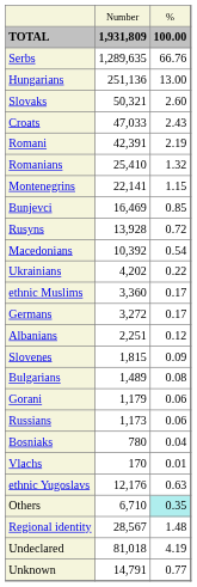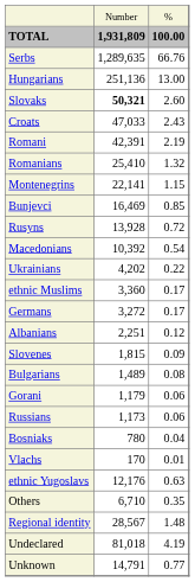 <table border=1 cellpadding=4 cellspacing=0 class="toccolours" style="align: left; margin: 0.5em 0 0 0; border-style: solid; border: 1px solid #7f7f7f; border-right-width: 2px; border-bottom-width: 2px; border-collapse: collapse; font-size: 95%;">
 <tr>
 <td style="background:#F5F5DC;"></td>
 <td style="background:#F5F5DC;" align="center"><small>Number</small></td>
 <td style="background:#F5F5DC;" align="center"><small>%</small></td>
 </tr>
 <tr>
 <td style="background:#c1c1c1;"><strong>TOTAL</strong></td>
 <td style="background:#c1c1c1;"><strong>1,931,809</strong></td>
 <td style="background:#c1c1c1;"><strong>100.00</strong></td>
 </tr>
 <tr>
 <td style="background:#F5F5DC;"><a href='#'>Serbs</a></td>
 <td align="right">1,289,635</td>
 <td align="right">66.76</td>
 </tr>
 <tr>
 <td style="background:#F5F5DC;"><a href='#'>Hungarians</a></td>
 <td align="right">251,136</td>
 <td align="right">13.00</td>
 </tr>
 <tr>
 <td style="background:#F5F5DC;"><a href='#'>Slovaks</a></td>
-<td align="right">50,321</td>
+<td align="right"><strong>50,321</strong></td>
 <td align="right">2.60</td>
 </tr>
 <tr>
 <td style="background:#F5F5DC;"><a href='#'>Croats</a></td>
 <td align="right">47,033</td>
 <td align="right">2.43</td>
 </tr>
 <tr>
 <td style="background:#F5F5DC;"><a href='#'>Romani</a></td>
 <td align="right">42,391</td>
 <td align="right">2.19</td>
 </tr>
 <tr>
 <td style="background:#F5F5DC;"><a href='#'>Romanians</a></td>
 <td align="right">25,410</td>
 <td align="right">1.32</td>
 </tr>
 <tr>
 <td style="background:#F5F5DC;"><a href='#'>Montenegrins</a></td>
 <td align="right">22,141</td>
 <td align="right">1.15</td>
 </tr>
 <tr>
 <td style="background:#F5F5DC;"><a href='#'>Bunjevci</a></td>
 <td align="right">16,469</td>
 <td align="right">0.85</td>
 </tr>
 <tr>
 <td style="background:#F5F5DC;"><a href='#'>Rusyns</a></td>
 <td align="right">13,928</td>
 <td align="right">0.72</td>
 </tr>
 <tr>
 <td style="background:#F5F5DC;"><a href='#'>Macedonians</a></td>
 <td align="right">10,392</td>
 <td align="right">0.54</td>
 </tr>
 <tr>
 <td style="background:#F5F5DC;"><a href='#'>Ukrainians</a></td>
 <td align="right">4,202</td>
 <td align="right">0.22</td>
 </tr>
 <tr>
 <td style="background:#F5F5DC;"><a href='#'>ethnic Muslims</a></td>
 <td align="right">3,360</td>
 <td align="right">0.17</td>
 </tr>
 <tr>
 <td style="background:#F5F5DC;"><a href='#'>Germans</a></td>
 <td align="right">3,272</td>
 <td align="right">0.17</td>
 </tr>
 <tr>
 <td style="background:#F5F5DC;"><a href='#'>Albanians</a></td>
 <td align="right">2,251</td>
 <td align="right">0.12</td>
 </tr>
 <tr>
 <td style="background:#F5F5DC;"><a href='#'>Slovenes</a></td>
 <td align="right">1,815</td>
 <td align="right">0.09</td>
 </tr>
 <tr>
 <td style="background:#F5F5DC;"><a href='#'>Bulgarians</a></td>
 <td align="right">1,489</td>
 <td align="right">0.08</td>
 </tr>
 <tr>
 <td style="background:#F5F5DC;"><a href='#'>Gorani</a></td>
 <td align="right">1,179</td>
 <td align="right">0.06</td>
 </tr>
 <tr>
 <td style="background:#F5F5DC;"><a href='#'>Russians</a></td>
 <td align="right">1,173</td>
 <td align="right">0.06</td>
 </tr>
 <tr>
 <td style="background:#F5F5DC;"><a href='#'>Bosniaks</a></td>
 <td align="right">780</td>
 <td align="right">0.04</td>
 </tr>
 <tr>
 <td style="background:#F5F5DC;"><a href='#'>Vlachs</a></td>
 <td align="right">170</td>
 <td align="right">0.01</td>
 </tr>
 <tr>
 <td style="background:#F5F5DC;"><a href='#'>ethnic Yugoslavs</a></td>
 <td align="right">12,176</td>
 <td align="right">0.63</td>
 </tr>
 <tr>
 <td style="background:#F5F5DC;">Others</td>
 <td align="right">6,710</td>
-<td align="right" style="background: paleturquoise;">0.35</td>
+<td align="right">0.35</td>
 </tr>
 <tr>
 <td style="background:#F5F5DC;"><a href='#'>Regional identity</a></td>
 <td align="right">28,567</td>
 <td align="right">1.48</td>
 </tr>
 <tr>
 <td style="background:#F5F5DC;">Undeclared</td>
 <td align="right">81,018</td>
 <td align="right">4.19</td>
 </tr>
 <tr>
 <td style="background:#F5F5DC;">Unknown</td>
 <td align="right">14,791</td>
 <td align="right">0.77</td>
 </tr>
 </table>
